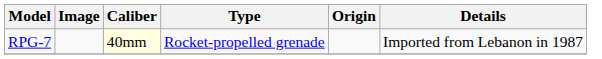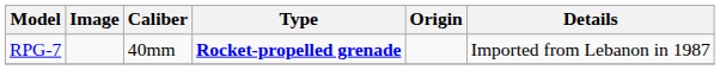 <table class="wikitable">
 <tr>
 <th>Model</th>
 <th>Image</th>
 <th>Caliber</th>
 <th>Type</th>
 <th>Origin</th>
 <th>Details</th>
 </tr>
 <tr>
 <td><a href='#'>RPG-7</a></td>
 <td></td>
-<td style="background: lightyellow;">40mm</td>
-<td><a href='#'>Rocket-propelled grenade</a></td>
+<td>40mm</td>
+<td><strong><a href='#'>Rocket-propelled grenade</a></strong></td>
 <td></td>
 <td>Imported from Lebanon in 1987</td>
 </tr>
 <tr>
 </tr>
 </table>
